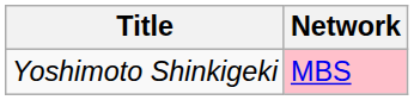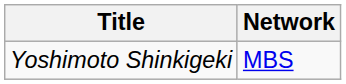 <table class="wikitable">
 <tr>
 <th>Title</th>
 <th>Network</th>
 </tr>
 <tr>
 <td><em>Yoshimoto Shinkigeki</em></td>
-<td style="background: pink;"><a href='#'>MBS</a></td>
+<td><a href='#'>MBS</a></td>
 </tr>
 </table>
